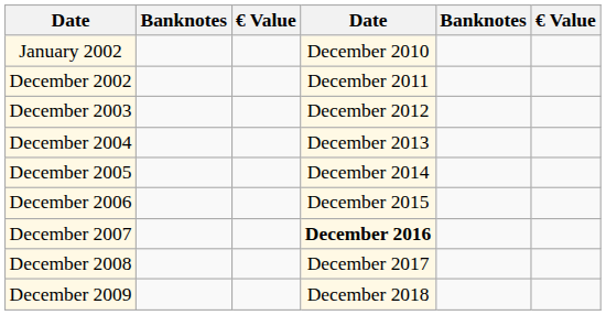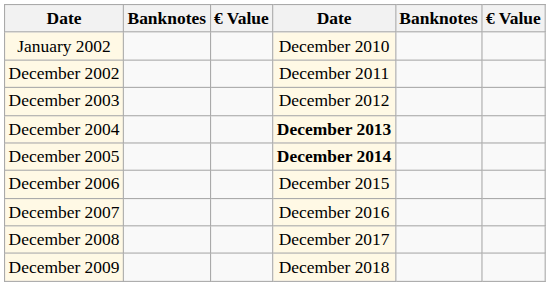 <table class="wikitable" style="border-collapse:collapse">
 <tr>
 <th scope="col">Date</th>
 <th scope="col">Banknotes</th>
 <th scope="col">€ Value</th>
 <th scope="col">Date</th>
 <th scope="col">Banknotes</th>
 <th scope="col">€ Value</th>
 </tr>
 <tr align="center">
 <td style="background-color:#FFF9E5;">January 2002</td>
 <td></td>
 <td></td>
 <td style="background-color:#FFF9E5;">December 2010</td>
 <td></td>
 <td></td>
 </tr>
 <tr align="center">
 <td style="background-color:#FFF9E5;">December 2002</td>
 <td></td>
 <td></td>
 <td style="background-color:#FFF9E5;">December 2011</td>
 <td></td>
 <td></td>
 </tr>
 <tr align="center">
 <td style="background-color:#FFF9E5;">December 2003</td>
 <td></td>
 <td></td>
 <td style="background-color:#FFF9E5;">December 2012</td>
 <td></td>
 <td></td>
 </tr>
 <tr align="center">
 <td style="background-color:#FFF9E5;">December 2004</td>
 <td></td>
 <td></td>
-<td style="background-color:#FFF9E5;">December 2013</td>
+<td style="background-color:#FFF9E5;"><strong>December 2013</strong></td>
 <td></td>
 <td></td>
 </tr>
 <tr align="center">
 <td style="background-color:#FFF9E5;">December 2005</td>
 <td></td>
 <td></td>
-<td style="background-color:#FFF9E5;">December 2014</td>
+<td style="background-color:#FFF9E5;"><strong>December 2014</strong></td>
 <td></td>
 <td></td>
 </tr>
 <tr align="center">
 <td style="background-color:#FFF9E5;">December 2006</td>
 <td></td>
 <td></td>
 <td style="background-color:#FFF9E5;">December 2015</td>
 <td></td>
 <td></td>
 </tr>
 <tr align="center">
 <td style="background-color:#FFF9E5;">December 2007</td>
 <td></td>
 <td></td>
-<td style="background-color:#FFF9E5;"><strong>December 2016</strong></td>
+<td style="background-color:#FFF9E5;">December 2016</td>
 <td></td>
 <td></td>
 </tr>
 <tr align="center">
 <td style="background-color:#FFF9E5;">December 2008</td>
 <td></td>
 <td></td>
 <td style="background-color:#FFF9E5;">December 2017</td>
 <td></td>
 <td></td>
 </tr>
 <tr align="center">
 <td style="background-color:#FFF9E5;">December 2009</td>
 <td></td>
 <td></td>
 <td style="background-color:#FFF9E5;">December 2018</td>
 <td></td>
 <td></td>
 </tr>
 </table>
